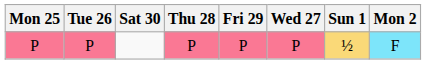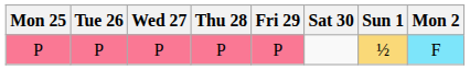 <table class="wikitable" style="margin:0.5em auto; font-size:90%; line-height:1.25em; text-align:center">
 <tr>
 <th>Mon 25</th>
 <th>Tue 26</th>
-<th>Sat 30</th>
+<th>Wed 27</th>
 <th>Thu 28</th>
 <th>Fri 29</th>
-<th>Wed 27</th>
+<th>Sat 30</th>
 <th>Sun 1</th>
 <th>Mon 2</th>
 </tr>
 <tr>
 <td bgcolor="#FA7894">P</td>
 <td bgcolor="#FA7894">P</td>
-<td></td>
 <td bgcolor="#FA7894">P</td>
 <td bgcolor="#FA7894">P</td>
 <td bgcolor="#FA7894">P</td>
+<td></td>
 <td bgcolor="#FAD978">½</td>
 <td bgcolor="#7DE5FA">F</td>
 </tr>
 </table>
